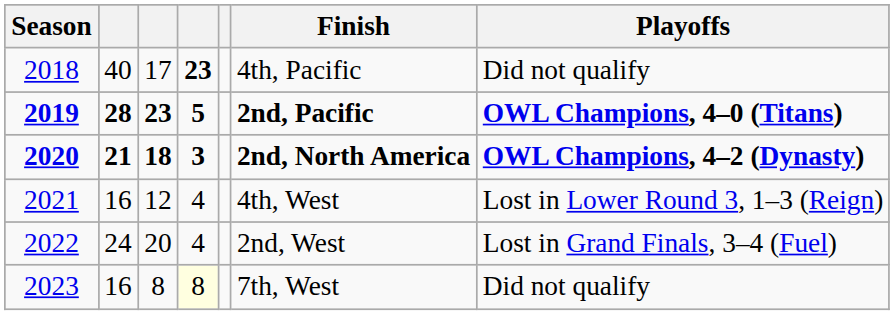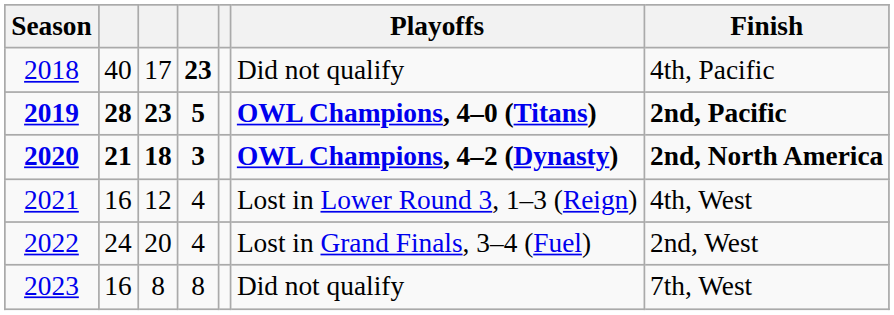 <table class="wikitable" style="text-align:center;">
 <tr>
 <th style="background:#">Season</th>
 <th style="background:#"></th>
 <th style="background:#"></th>
 <th style="background:#"></th>
 <th style="background:#"></th>
+<th style="background:#">Playoffs</th>
 <th style="background:#">Finish</th>
-<th style="background:#">Playoffs</th>
 </tr>
 <tr>
 <td><a href='#'>2018</a></td>
 <td>40</td>
 <td>17</td>
 <td><strong>23</strong></td>
 <td></td>
+<td style="text-align:left">Did not qualify</td>
 <td style="text-align:left">4th, Pacific</td>
-<td style="text-align:left">Did not qualify</td>
 </tr>
 <tr>
 <td><strong><a href='#'>2019</a></strong></td>
 <td><strong>28</strong></td>
 <td><strong>23</strong></td>
 <td><strong>5</strong></td>
 <td><strong></strong></td>
+<td style="text-align:left"><strong><a href='#'>OWL Champions</a>, 4–0 (<a href='#'>Titans</a>)</strong></td>
 <td style="text-align:left"><strong>2nd, Pacific</strong></td>
-<td style="text-align:left"><strong><a href='#'>OWL Champions</a>, 4–0 (<a href='#'>Titans</a>)</strong></td>
 </tr>
 <tr>
 <td><strong><a href='#'>2020</a></strong></td>
 <td><strong>21</strong></td>
 <td><strong>18</strong></td>
 <td><strong>3</strong></td>
 <td><strong></strong></td>
+<td style="text-align:left"><strong><a href='#'>OWL Champions</a>, 4–2 (<a href='#'>Dynasty</a>)</strong></td>
 <td style="text-align:left"><strong>2nd, North America</strong></td>
-<td style="text-align:left"><strong><a href='#'>OWL Champions</a>, 4–2 (<a href='#'>Dynasty</a>)</strong></td>
 </tr>
 <tr>
 <td><a href='#'>2021</a></td>
 <td>16</td>
 <td>12</td>
 <td>4</td>
 <td></td>
+<td style="text-align:left">Lost in <a href='#'>Lower Round 3</a>, 1–3 (<a href='#'>Reign</a>)</td>
 <td style="text-align:left">4th, West</td>
-<td style="text-align:left">Lost in <a href='#'>Lower Round 3</a>, 1–3 (<a href='#'>Reign</a>)</td>
 </tr>
 <tr>
 <td><a href='#'>2022</a></td>
 <td>24</td>
 <td>20</td>
 <td>4</td>
 <td></td>
+<td style="text-align:left">Lost in <a href='#'>Grand Finals</a>, 3–4 (<a href='#'>Fuel</a>)</td>
 <td style="text-align:left">2nd, West</td>
-<td style="text-align:left">Lost in <a href='#'>Grand Finals</a>, 3–4 (<a href='#'>Fuel</a>)</td>
 </tr>
 <tr>
 <td><a href='#'>2023</a></td>
 <td>16</td>
 <td>8</td>
-<td style="background: lightyellow;">8</td>
+<td>8</td>
 <td></td>
+<td style="text-align:left">Did not qualify</td>
 <td style="text-align:left">7th, West</td>
-<td style="text-align:left">Did not qualify</td>
 </tr>
 </table>
